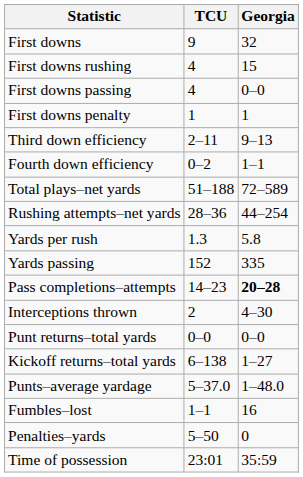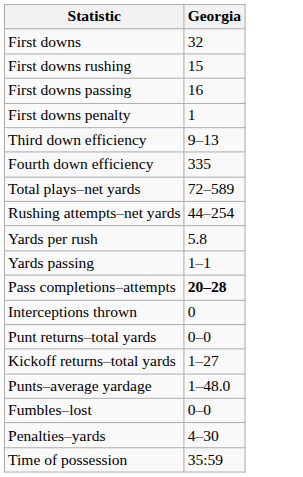 <table class="wikitable">
 <tr>
 <th>Statistic</th>
-<th><strong>TCU</strong></th>
 <th><strong>Georgia</strong></th>
 </tr>
 <tr>
 <td>First downs</td>
-<td>9</td>
 <td>32</td>
 </tr>
 <tr>
 <td>First downs rushing</td>
-<td>4</td>
 <td>15</td>
 </tr>
 <tr>
 <td>First downs passing</td>
-<td>4</td>
-<td>0–0</td>
+<td>16</td>
 </tr>
 <tr>
 <td>First downs penalty</td>
 <td>1</td>
-<td>1</td>
 </tr>
 <tr>
 <td>Third down efficiency</td>
-<td>2–11</td>
 <td>9–13</td>
 </tr>
 <tr>
 <td>Fourth down efficiency</td>
-<td>0–2</td>
-<td>1–1</td>
+<td>335</td>
 </tr>
 <tr>
 <td>Total plays–net yards</td>
-<td>51–188</td>
 <td>72–589</td>
 </tr>
 <tr>
 <td>Rushing attempts–net yards</td>
-<td>28–36</td>
 <td>44–254</td>
 </tr>
 <tr>
 <td>Yards per rush</td>
-<td>1.3</td>
 <td>5.8</td>
 </tr>
 <tr>
 <td>Yards passing</td>
-<td>152</td>
-<td>335</td>
+<td>1–1</td>
 </tr>
 <tr>
 <td>Pass completions–attempts</td>
-<td>14–23</td>
 <td><strong>20–28</strong></td>
 </tr>
 <tr>
 <td>Interceptions thrown</td>
-<td>2</td>
-<td>4–30</td>
+<td>0</td>
 </tr>
 <tr>
 <td>Punt returns–total yards</td>
 <td>0–0</td>
-<td>0–0</td>
 </tr>
 <tr>
 <td>Kickoff returns–total yards</td>
-<td>6–138</td>
 <td>1–27</td>
 </tr>
 <tr>
 <td>Punts–average yardage</td>
-<td>5–37.0</td>
 <td>1–48.0</td>
 </tr>
 <tr>
 <td>Fumbles–lost</td>
-<td>1–1</td>
-<td>16</td>
+<td>0–0</td>
 </tr>
 <tr>
 <td>Penalties–yards</td>
-<td>5–50</td>
-<td>0</td>
+<td>4–30</td>
 </tr>
 <tr>
 <td>Time of possession</td>
-<td>23:01</td>
 <td>35:59</td>
 </tr>
 </table>
